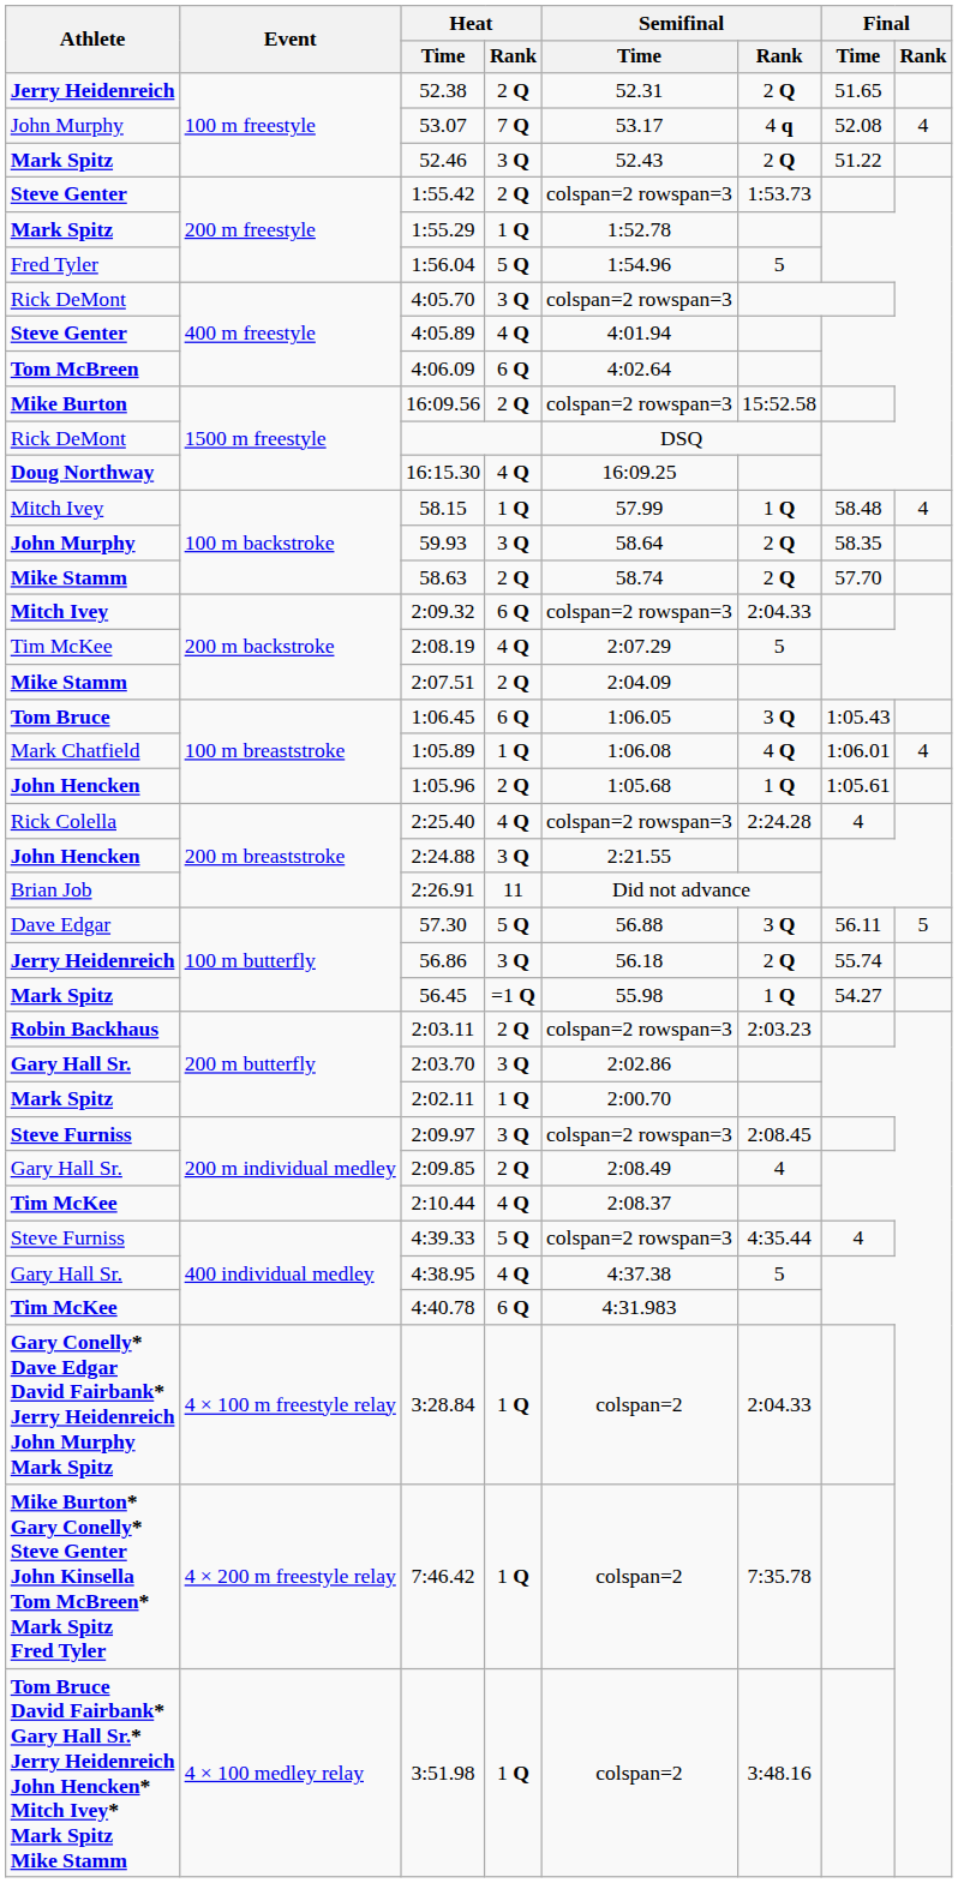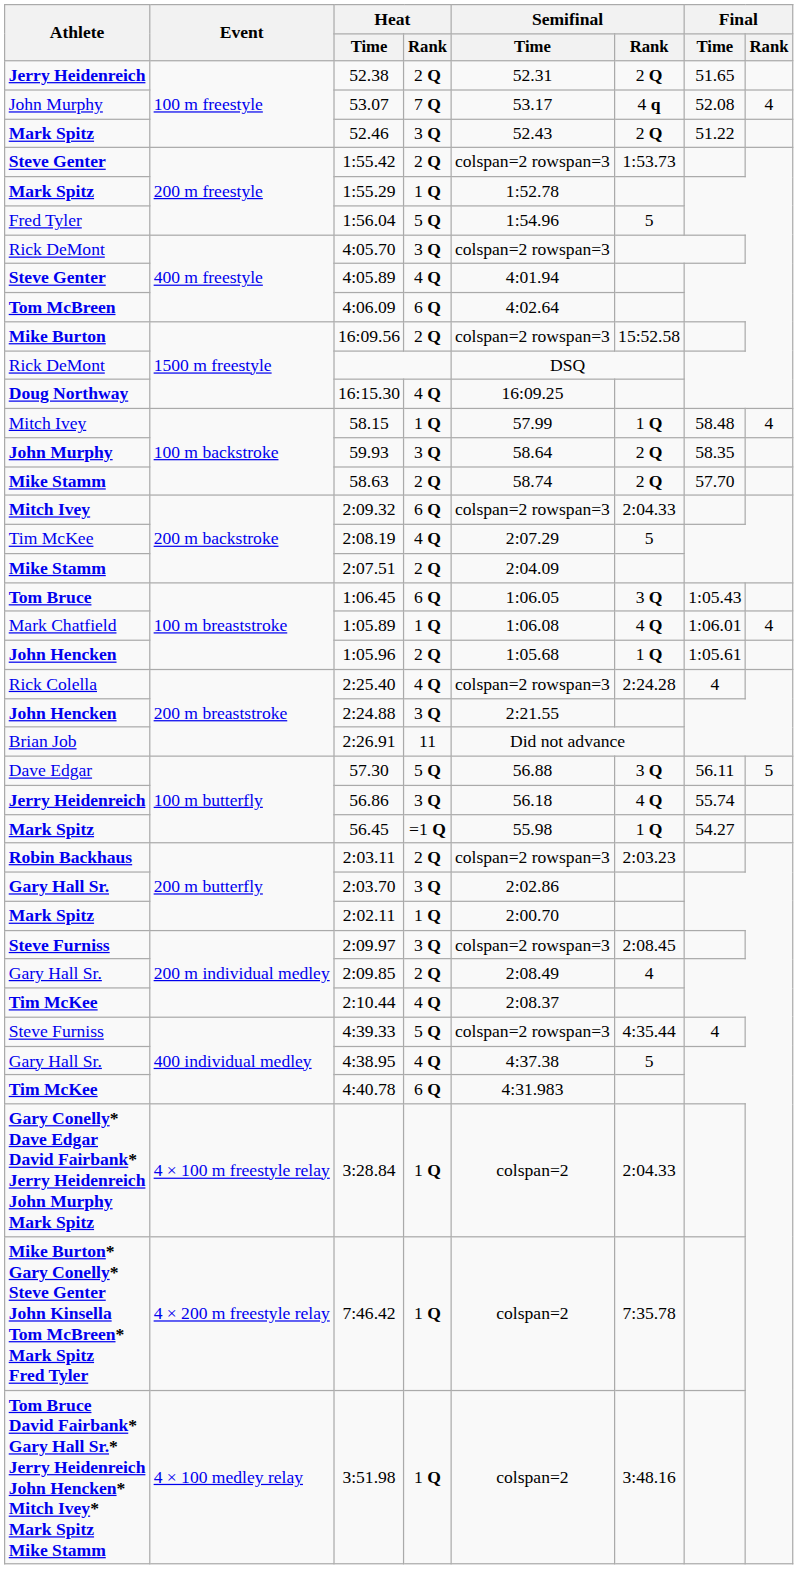 <table class=wikitable style=font-size:90%;text-align:center>
 <tr>
 <th rowspan=2>Athlete</th>
 <th rowspan=2>Event</th>
 <th colspan=2>Heat</th>
 <th colspan=2>Semifinal</th>
 <th colspan=2>Final</th>
 </tr>
 <tr style=font-size:95%>
 <th>Time</th>
 <th>Rank</th>
 <th>Time</th>
 <th>Rank</th>
 <th>Time</th>
 <th>Rank</th>
 </tr>
 <tr>
 <td align=left><strong><a href='#'>Jerry Heidenreich</a></strong></td>
 <td align=left rowspan=3><a href='#'>100 m freestyle</a></td>
 <td>52.38</td>
 <td>2 <strong>Q</strong></td>
 <td>52.31</td>
 <td>2 <strong>Q</strong></td>
 <td>51.65</td>
 <td></td>
 </tr>
 <tr>
 <td align=left><a href='#'>John Murphy</a></td>
 <td>53.07</td>
 <td>7 <strong>Q</strong></td>
 <td>53.17</td>
 <td>4 <strong>q</strong></td>
 <td>52.08</td>
 <td>4</td>
 </tr>
 <tr>
 <td align=left><strong><a href='#'>Mark Spitz</a></strong></td>
 <td>52.46</td>
 <td>3 <strong>Q</strong></td>
 <td>52.43</td>
 <td>2 <strong>Q</strong></td>
 <td>51.22 </td>
 <td></td>
 </tr>
 <tr>
 <td align=left><strong><a href='#'>Steve Genter</a></strong></td>
 <td align=left rowspan=3><a href='#'>200 m freestyle</a></td>
 <td>1:55.42</td>
 <td>2 <strong>Q</strong></td>
 <td>colspan=2 rowspan=3 </td>
 <td>1:53.73</td>
 <td></td>
 </tr>
 <tr>
 <td align=left><strong><a href='#'>Mark Spitz</a></strong></td>
 <td>1:55.29</td>
 <td>1 <strong>Q</strong></td>
 <td>1:52.78 </td>
 <td></td>
 </tr>
 <tr>
 <td align=left><a href='#'>Fred Tyler</a></td>
 <td>1:56.04</td>
 <td>5 <strong>Q</strong></td>
 <td>1:54.96</td>
 <td>5</td>
 </tr>
 <tr>
 <td align=left><a href='#'>Rick DeMont</a></td>
 <td align=left rowspan=3><a href='#'>400 m freestyle</a></td>
 <td>4:05.70</td>
 <td>3 <strong>Q</strong></td>
 <td>colspan=2 rowspan=3 </td>
 <td colspan=2></td>
 </tr>
 <tr>
 <td align=left><strong><a href='#'>Steve Genter</a></strong></td>
 <td>4:05.89 </td>
 <td>4 <strong>Q</strong></td>
 <td>4:01.94</td>
 <td></td>
 </tr>
 <tr>
 <td align=left><strong><a href='#'>Tom McBreen</a></strong></td>
 <td>4:06.09</td>
 <td>6 <strong>Q</strong></td>
 <td>4:02.64</td>
 <td></td>
 </tr>
 <tr>
 <td align=left><strong><a href='#'>Mike Burton</a></strong></td>
 <td align=left rowspan=3><a href='#'>1500 m freestyle</a></td>
 <td>16:09.56</td>
 <td>2 <strong>Q</strong></td>
 <td>colspan=2 rowspan=3 </td>
 <td>15:52.58 </td>
 <td></td>
 </tr>
 <tr>
 <td align=left><a href='#'>Rick DeMont</a></td>
 <td colspan=2></td>
 <td colspan=2>DSQ</td>
 </tr>
 <tr>
 <td align=left><strong><a href='#'>Doug Northway</a></strong></td>
 <td>16:15.30</td>
 <td>4 <strong>Q</strong></td>
 <td>16:09.25</td>
 <td></td>
 </tr>
 <tr>
 <td align=left><a href='#'>Mitch Ivey</a></td>
 <td align=left rowspan=3><a href='#'>100 m backstroke</a></td>
 <td>58.15</td>
 <td>1 <strong>Q</strong></td>
 <td>57.99 </td>
 <td>1 <strong>Q</strong></td>
 <td>58.48</td>
 <td>4</td>
 </tr>
 <tr>
 <td align=left><strong><a href='#'>John Murphy</a></strong></td>
 <td>59.93</td>
 <td>3 <strong>Q</strong></td>
 <td>58.64</td>
 <td>2 <strong>Q</strong></td>
 <td>58.35</td>
 <td></td>
 </tr>
 <tr>
 <td align=left><strong><a href='#'>Mike Stamm</a></strong></td>
 <td>58.63</td>
 <td>2 <strong>Q</strong></td>
 <td>58.74</td>
 <td>2 <strong>Q</strong></td>
 <td>57.70</td>
 <td></td>
 </tr>
 <tr>
 <td align=left><strong><a href='#'>Mitch Ivey</a></strong></td>
 <td align=left rowspan=3><a href='#'>200 m backstroke</a></td>
 <td>2:09.32</td>
 <td>6 <strong>Q</strong></td>
 <td>colspan=2 rowspan=3 </td>
 <td>2:04.33</td>
 <td></td>
 </tr>
 <tr>
 <td align=left><a href='#'>Tim McKee</a></td>
 <td>2:08.19</td>
 <td>4 <strong>Q</strong></td>
 <td>2:07.29</td>
 <td>5</td>
 </tr>
 <tr>
 <td align=left><strong><a href='#'>Mike Stamm</a></strong></td>
 <td>2:07.51 </td>
 <td>2 <strong>Q</strong></td>
 <td>2:04.09</td>
 <td></td>
 </tr>
 <tr>
 <td align=left><strong><a href='#'>Tom Bruce</a></strong></td>
 <td align=left rowspan=3><a href='#'>100 m breaststroke</a></td>
 <td>1:06.45</td>
 <td>6 <strong>Q</strong></td>
 <td>1:06.05</td>
 <td>3 <strong>Q</strong></td>
 <td>1:05.43</td>
 <td></td>
 </tr>
 <tr>
 <td align=left><a href='#'>Mark Chatfield</a></td>
 <td>1:05.89</td>
 <td>1 <strong>Q</strong></td>
 <td>1:06.08</td>
 <td>4 <strong>Q</strong></td>
 <td>1:06.01</td>
 <td>4</td>
 </tr>
 <tr>
 <td align=left><strong><a href='#'>John Hencken</a></strong></td>
 <td>1:05.96</td>
 <td>2 <strong>Q</strong></td>
 <td>1:05.68 </td>
 <td>1 <strong>Q</strong></td>
 <td>1:05.61</td>
 <td></td>
 </tr>
 <tr>
 <td align=left><a href='#'>Rick Colella</a></td>
 <td align=left rowspan=3><a href='#'>200 m breaststroke</a></td>
 <td>2:25.40</td>
 <td>4 <strong>Q</strong></td>
 <td>colspan=2 rowspan=3 </td>
 <td>2:24.28</td>
 <td>4</td>
 </tr>
 <tr>
 <td align=left><strong><a href='#'>John Hencken</a></strong></td>
 <td>2:24.88</td>
 <td>3 <strong>Q</strong></td>
 <td>2:21.55 </td>
 <td></td>
 </tr>
 <tr>
 <td align=left><a href='#'>Brian Job</a></td>
 <td>2:26.91</td>
 <td>11</td>
 <td colspan=2>Did not advance</td>
 </tr>
 <tr>
 <td align=left><a href='#'>Dave Edgar</a></td>
 <td align=left rowspan=3><a href='#'>100 m butterfly</a></td>
 <td>57.30</td>
 <td>5 <strong>Q</strong></td>
 <td>56.88</td>
 <td>3 <strong>Q</strong></td>
 <td>56.11</td>
 <td>5</td>
 </tr>
 <tr>
 <td align=left><strong><a href='#'>Jerry Heidenreich</a></strong></td>
 <td>56.86</td>
 <td>3 <strong>Q</strong></td>
 <td>56.18</td>
-<td>2 <strong>Q</strong></td>
+<td>4 <strong>Q</strong></td>
 <td>55.74</td>
 <td></td>
 </tr>
 <tr>
 <td align=left><strong><a href='#'>Mark Spitz</a></strong></td>
 <td>56.45</td>
 <td>=1 <strong>Q</strong></td>
 <td>55.98</td>
 <td>1 <strong>Q</strong></td>
 <td>54.27 </td>
 <td></td>
 </tr>
 <tr>
 <td align=left><strong><a href='#'>Robin Backhaus</a></strong></td>
 <td align=left rowspan=3><a href='#'>200 m butterfly</a></td>
 <td>2:03.11 </td>
 <td>2 <strong>Q</strong></td>
 <td>colspan=2 rowspan=3 </td>
 <td>2:03.23</td>
 <td></td>
 </tr>
 <tr>
 <td align=left><strong><a href='#'>Gary Hall Sr.</a></strong></td>
 <td>2:03.70 </td>
 <td>3 <strong>Q</strong></td>
 <td>2:02.86</td>
 <td></td>
 </tr>
 <tr>
 <td align=left><strong><a href='#'>Mark Spitz</a></strong></td>
 <td>2:02.11 </td>
 <td>1 <strong>Q</strong></td>
 <td>2:00.70 </td>
 <td></td>
 </tr>
 <tr>
 <td align=left><strong><a href='#'>Steve Furniss</a></strong></td>
 <td align=left rowspan=3><a href='#'>200 m individual medley</a></td>
 <td>2:09.97</td>
 <td>3 <strong>Q</strong></td>
 <td>colspan=2 rowspan=3 </td>
 <td>2:08.45</td>
 <td></td>
 </tr>
 <tr>
 <td align=left><a href='#'>Gary Hall Sr.</a></td>
 <td>2:09.85</td>
 <td>2 <strong>Q</strong></td>
 <td>2:08.49</td>
 <td>4</td>
 </tr>
 <tr>
 <td align=left><strong><a href='#'>Tim McKee</a></strong></td>
 <td>2:10.44</td>
 <td>4 <strong>Q</strong></td>
 <td>2:08.37</td>
 <td></td>
 </tr>
 <tr>
 <td align=left><a href='#'>Steve Furniss</a></td>
 <td align=left rowspan=3><a href='#'>400 individual medley</a></td>
 <td>4:39.33</td>
 <td>5 <strong>Q</strong></td>
 <td>colspan=2 rowspan=3 </td>
 <td>4:35.44</td>
 <td>4</td>
 </tr>
 <tr>
 <td align=left><a href='#'>Gary Hall Sr.</a></td>
 <td>4:38.95</td>
 <td>4 <strong>Q</strong></td>
 <td>4:37.38</td>
 <td>5</td>
 </tr>
 <tr>
 <td align=left><strong><a href='#'>Tim McKee</a></strong></td>
 <td>4:40.78</td>
 <td>6 <strong>Q</strong></td>
 <td>4:31.983</td>
 <td></td>
 </tr>
 <tr>
 <td align=left><strong><a href='#'>Gary Conelly</a>*<br><a href='#'>Dave Edgar</a><br><a href='#'>David Fairbank</a>*<br><a href='#'>Jerry Heidenreich</a><br><a href='#'>John Murphy</a><br><a href='#'>Mark Spitz</a></strong></td>
 <td align=left><a href='#'>4 × 100 m freestyle relay</a></td>
 <td>3:28.84 </td>
 <td>1 <strong>Q</strong></td>
 <td>colspan=2 </td>
 <td>2:04.33</td>
 <td></td>
 </tr>
 <tr>
 <td align=left><strong><a href='#'>Mike Burton</a>*<br><a href='#'>Gary Conelly</a>*<br><a href='#'>Steve Genter</a><br><a href='#'>John Kinsella</a><br><a href='#'>Tom McBreen</a>*<br><a href='#'>Mark Spitz</a><br><a href='#'>Fred Tyler</a></strong></td>
 <td align=left><a href='#'>4 × 200 m freestyle relay</a></td>
 <td>7:46.42 </td>
 <td>1 <strong>Q</strong></td>
 <td>colspan=2 </td>
 <td>7:35.78 </td>
 <td></td>
 </tr>
 <tr>
 <td align=left><strong><a href='#'>Tom Bruce</a><br><a href='#'>David Fairbank</a>*<br><a href='#'>Gary Hall Sr.</a>*<br><a href='#'>Jerry Heidenreich</a><br><a href='#'>John Hencken</a>*<br><a href='#'>Mitch Ivey</a>*<br><a href='#'>Mark Spitz</a><br><a href='#'>Mike Stamm</a></strong></td>
 <td align=left><a href='#'>4 × 100 medley relay</a></td>
 <td>3:51.98</td>
 <td>1 <strong>Q</strong></td>
 <td>colspan=2 </td>
 <td>3:48.16 </td>
 <td></td>
 </tr>
 </table>
